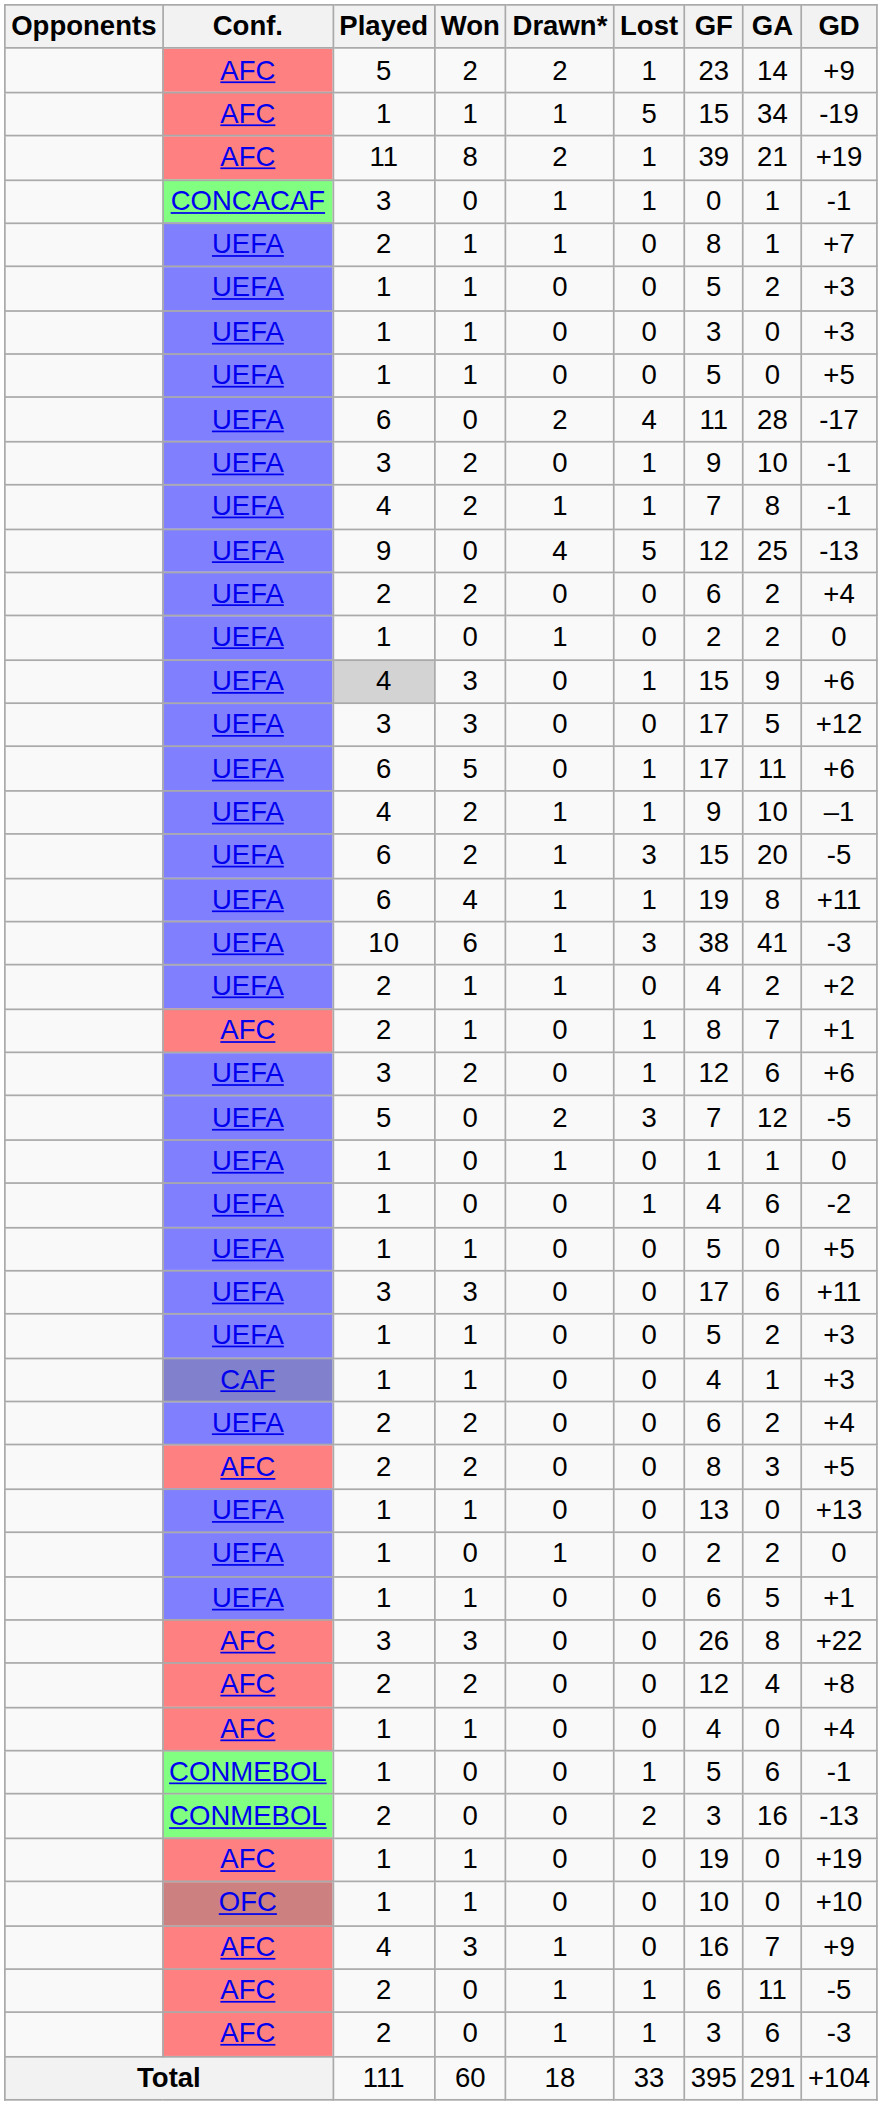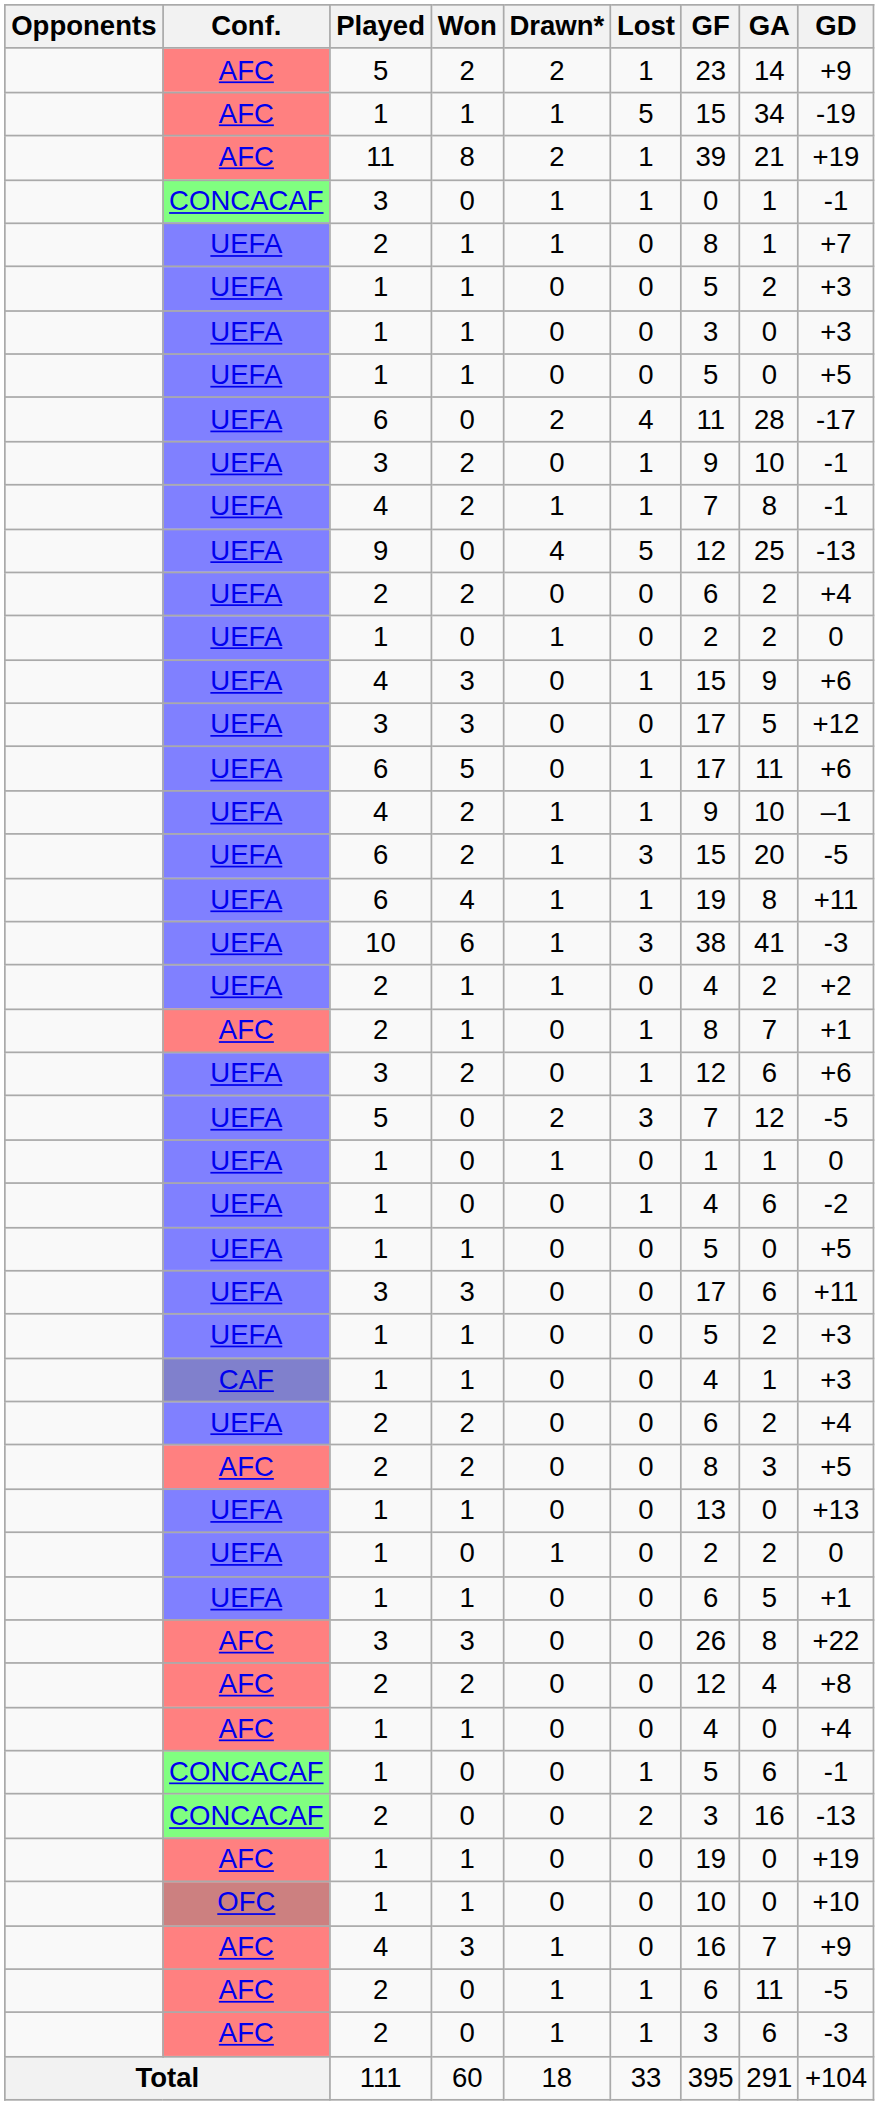 <table class="sortable wikitable" style="text-align:center">
 <tr>
 <th>Opponents</th>
 <th>Conf.</th>
 <th>Played</th>
 <th>Won</th>
 <th>Drawn*</th>
 <th>Lost</th>
 <th>GF</th>
 <th>GA</th>
 <th>GD</th>
 </tr>
 <tr>
 <td style="text-align:left;"></td>
 <td style="background:#FF8080;"><a href='#'>AFC</a></td>
 <td>5</td>
 <td>2</td>
 <td>2</td>
 <td>1</td>
 <td>23</td>
 <td>14</td>
 <td>+9</td>
 </tr>
 <tr>
 <td style="text-align:left;"></td>
 <td style="background:#FF8080;"><a href='#'>AFC</a></td>
 <td>1</td>
 <td>1</td>
 <td>1</td>
 <td>5</td>
 <td>15</td>
 <td>34</td>
 <td>-19</td>
 </tr>
 <tr>
 <td style="text-align:left;"></td>
 <td style="background:#FF8080;"><a href='#'>AFC</a></td>
 <td>11</td>
 <td>8</td>
 <td>2</td>
 <td>1</td>
 <td>39</td>
 <td>21</td>
 <td>+19</td>
 </tr>
 <tr>
 <td style="text-align:left;"></td>
 <td style="background:#80FF80;"><a href='#'>CONCACAF</a></td>
 <td>3</td>
 <td>0</td>
 <td>1</td>
 <td>1</td>
 <td>0</td>
 <td>1</td>
 <td>-1</td>
 </tr>
 <tr>
 <td style="text-align:left;"></td>
 <td style="background:#8080FF;"><a href='#'>UEFA</a></td>
 <td>2</td>
 <td>1</td>
 <td>1</td>
 <td>0</td>
 <td>8</td>
 <td>1</td>
 <td>+7</td>
 </tr>
 <tr>
 <td style="text-align:left;"></td>
 <td style="background:#8080FF;"><a href='#'>UEFA</a></td>
 <td>1</td>
 <td>1</td>
 <td>0</td>
 <td>0</td>
 <td>5</td>
 <td>2</td>
 <td>+3</td>
 </tr>
 <tr>
 <td style="text-align:left;"></td>
 <td style="background:#8080FF;"><a href='#'>UEFA</a></td>
 <td>1</td>
 <td>1</td>
 <td>0</td>
 <td>0</td>
 <td>3</td>
 <td>0</td>
 <td>+3</td>
 </tr>
 <tr>
 <td style="text-align:left;"></td>
 <td style="background:#8080FF;"><a href='#'>UEFA</a></td>
 <td>1</td>
 <td>1</td>
 <td>0</td>
 <td>0</td>
 <td>5</td>
 <td>0</td>
 <td>+5</td>
 </tr>
 <tr>
 <td style="text-align:left;"></td>
 <td style="background:#8080FF;"><a href='#'>UEFA</a></td>
 <td>6</td>
 <td>0</td>
 <td>2</td>
 <td>4</td>
 <td>11</td>
 <td>28</td>
 <td>-17</td>
 </tr>
 <tr>
 <td style="text-align:left;"></td>
 <td style="background:#8080FF;"><a href='#'>UEFA</a></td>
 <td>3</td>
 <td>2</td>
 <td>0</td>
 <td>1</td>
 <td>9</td>
 <td>10</td>
 <td>-1</td>
 </tr>
 <tr>
 <td style="text-align:left;"></td>
 <td style="background:#8080FF;"><a href='#'>UEFA</a></td>
 <td>4</td>
 <td>2</td>
 <td>1</td>
 <td>1</td>
 <td>7</td>
 <td>8</td>
 <td>-1</td>
 </tr>
 <tr>
 <td style="text-align:left;"></td>
 <td style="background:#8080FF;"><a href='#'>UEFA</a></td>
 <td>9</td>
 <td>0</td>
 <td>4</td>
 <td>5</td>
 <td>12</td>
 <td>25</td>
 <td>-13</td>
 </tr>
 <tr>
 <td style="text-align:left;"></td>
 <td style="background:#8080FF;"><a href='#'>UEFA</a></td>
 <td>2</td>
 <td>2</td>
 <td>0</td>
 <td>0</td>
 <td>6</td>
 <td>2</td>
 <td>+4</td>
 </tr>
 <tr>
 <td style="text-align:left;"></td>
 <td style="background:#8080FF;"><a href='#'>UEFA</a></td>
 <td>1</td>
 <td>0</td>
 <td>1</td>
 <td>0</td>
 <td>2</td>
 <td>2</td>
 <td>0</td>
 </tr>
 <tr>
 <td style="text-align:left;"></td>
 <td style="background:#8080FF;"><a href='#'>UEFA</a></td>
-<td style="background: lightgrey;">4</td>
+<td>4</td>
 <td>3</td>
 <td>0</td>
 <td>1</td>
 <td>15</td>
 <td>9</td>
 <td>+6</td>
 </tr>
 <tr>
 <td style="text-align:left;"></td>
 <td style="background:#8080FF;"><a href='#'>UEFA</a></td>
 <td>3</td>
 <td>3</td>
 <td>0</td>
 <td>0</td>
 <td>17</td>
 <td>5</td>
 <td>+12</td>
 </tr>
 <tr>
 <td style="text-align:left;"></td>
 <td style="background:#8080FF;"><a href='#'>UEFA</a></td>
 <td>6</td>
 <td>5</td>
 <td>0</td>
 <td>1</td>
 <td>17</td>
 <td>11</td>
 <td>+6</td>
 </tr>
 <tr>
 <td style="text-align:left;"></td>
 <td style="background:#8080FF;"><a href='#'>UEFA</a></td>
 <td>4</td>
 <td>2</td>
 <td>1</td>
 <td>1</td>
 <td>9</td>
 <td>10</td>
 <td>–1</td>
 </tr>
 <tr>
 <td style="text-align:left;"></td>
 <td style="background:#8080FF;"><a href='#'>UEFA</a></td>
 <td>6</td>
 <td>2</td>
 <td>1</td>
 <td>3</td>
 <td>15</td>
 <td>20</td>
 <td>-5</td>
 </tr>
 <tr>
 <td style="text-align:left;"></td>
 <td style="background:#8080FF;"><a href='#'>UEFA</a></td>
 <td>6</td>
 <td>4</td>
 <td>1</td>
 <td>1</td>
 <td>19</td>
 <td>8</td>
 <td>+11</td>
 </tr>
 <tr>
 <td style="text-align:left;"></td>
 <td style="background:#8080FF;"><a href='#'>UEFA</a></td>
 <td>10</td>
 <td>6</td>
 <td>1</td>
 <td>3</td>
 <td>38</td>
 <td>41</td>
 <td>-3</td>
 </tr>
 <tr>
 <td style="text-align:left;"></td>
 <td style="background:#8080FF;"><a href='#'>UEFA</a></td>
 <td>2</td>
 <td>1</td>
 <td>1</td>
 <td>0</td>
 <td>4</td>
 <td>2</td>
 <td>+2</td>
 </tr>
 <tr>
 <td style="text-align:left;"></td>
 <td style="background:#FF8080;"><a href='#'>AFC</a></td>
 <td>2</td>
 <td>1</td>
 <td>0</td>
 <td>1</td>
 <td>8</td>
 <td>7</td>
 <td>+1</td>
 </tr>
 <tr>
 <td style="text-align:left;"></td>
 <td style="background:#8080FF;"><a href='#'>UEFA</a></td>
 <td>3</td>
 <td>2</td>
 <td>0</td>
 <td>1</td>
 <td>12</td>
 <td>6</td>
 <td>+6</td>
 </tr>
 <tr>
 <td style="text-align:left;"></td>
 <td style="background:#8080FF;"><a href='#'>UEFA</a></td>
 <td>5</td>
 <td>0</td>
 <td>2</td>
 <td>3</td>
 <td>7</td>
 <td>12</td>
 <td>-5</td>
 </tr>
 <tr>
 <td style="text-align:left;"></td>
 <td style="background:#8080FF;"><a href='#'>UEFA</a></td>
 <td>1</td>
 <td>0</td>
 <td>1</td>
 <td>0</td>
 <td>1</td>
 <td>1</td>
 <td>0</td>
 </tr>
 <tr>
 <td style="text-align:left;"></td>
 <td style="background:#8080FF;"><a href='#'>UEFA</a></td>
 <td>1</td>
 <td>0</td>
 <td>0</td>
 <td>1</td>
 <td>4</td>
 <td>6</td>
 <td>-2</td>
 </tr>
 <tr>
 <td style="text-align:left;"></td>
 <td style="background:#8080FF;"><a href='#'>UEFA</a></td>
 <td>1</td>
 <td>1</td>
 <td>0</td>
 <td>0</td>
 <td>5</td>
 <td>0</td>
 <td>+5</td>
 </tr>
 <tr>
 <td style="text-align:left;"></td>
 <td style="background:#8080FF;"><a href='#'>UEFA</a></td>
 <td>3</td>
 <td>3</td>
 <td>0</td>
 <td>0</td>
 <td>17</td>
 <td>6</td>
 <td>+11</td>
 </tr>
 <tr>
 <td style="text-align:left;"></td>
 <td style="background:#8080FF;"><a href='#'>UEFA</a></td>
 <td>1</td>
 <td>1</td>
 <td>0</td>
 <td>0</td>
 <td>5</td>
 <td>2</td>
 <td>+3</td>
 </tr>
 <tr>
 <td style="text-align:left;"></td>
 <td style="background:#8080CC;"><a href='#'>CAF</a></td>
 <td>1</td>
 <td>1</td>
 <td>0</td>
 <td>0</td>
 <td>4</td>
 <td>1</td>
 <td>+3</td>
 </tr>
 <tr>
 <td style="text-align:left;"></td>
 <td style="background:#8080FF;"><a href='#'>UEFA</a></td>
 <td>2</td>
 <td>2</td>
 <td>0</td>
 <td>0</td>
 <td>6</td>
 <td>2</td>
 <td>+4</td>
 </tr>
 <tr>
 <td style="text-align:left;"></td>
 <td style="background:#FF8080;"><a href='#'>AFC</a></td>
 <td>2</td>
 <td>2</td>
 <td>0</td>
 <td>0</td>
 <td>8</td>
 <td>3</td>
 <td>+5</td>
 </tr>
 <tr>
 <td style="text-align:left;"></td>
 <td style="background:#8080FF;"><a href='#'>UEFA</a></td>
 <td>1</td>
 <td>1</td>
 <td>0</td>
 <td>0</td>
 <td>13</td>
 <td>0</td>
 <td>+13</td>
 </tr>
 <tr>
 <td style="text-align:left;"></td>
 <td style="background:#8080FF;"><a href='#'>UEFA</a></td>
 <td>1</td>
 <td>0</td>
 <td>1</td>
 <td>0</td>
 <td>2</td>
 <td>2</td>
 <td>0</td>
 </tr>
 <tr>
 <td style="text-align:left;"></td>
 <td style="background:#8080FF;"><a href='#'>UEFA</a></td>
 <td>1</td>
 <td>1</td>
 <td>0</td>
 <td>0</td>
 <td>6</td>
 <td>5</td>
 <td>+1</td>
 </tr>
 <tr>
 <td style="text-align:left;"></td>
 <td style="background:#FF8080;"><a href='#'>AFC</a></td>
 <td>3</td>
 <td>3</td>
 <td>0</td>
 <td>0</td>
 <td>26</td>
 <td>8</td>
 <td>+22</td>
 </tr>
 <tr>
 <td style="text-align:left;"></td>
 <td style="background:#FF8080;"><a href='#'>AFC</a></td>
 <td>2</td>
 <td>2</td>
 <td>0</td>
 <td>0</td>
 <td>12</td>
 <td>4</td>
 <td>+8</td>
 </tr>
 <tr>
 <td style="text-align:left;"></td>
 <td style="background:#FF8080;"><a href='#'>AFC</a></td>
 <td>1</td>
 <td>1</td>
 <td>0</td>
 <td>0</td>
 <td>4</td>
 <td>0</td>
 <td>+4</td>
 </tr>
 <tr>
 <td style="text-align:left;"></td>
-<td style="background:#80FF80;"><a href='#'>CONMEBOL</a></td>
+<td style="background:#80FF80;"><a href='#'>CONCACAF</a></td>
 <td>1</td>
 <td>0</td>
 <td>0</td>
 <td>1</td>
 <td>5</td>
 <td>6</td>
 <td>-1</td>
 </tr>
 <tr>
 <td style="text-align:left;"></td>
-<td style="background:#80FF80;"><a href='#'>CONMEBOL</a></td>
+<td style="background:#80FF80;"><a href='#'>CONCACAF</a></td>
 <td>2</td>
 <td>0</td>
 <td>0</td>
 <td>2</td>
 <td>3</td>
 <td>16</td>
 <td>-13</td>
 </tr>
 <tr>
 <td style="text-align:left;"></td>
 <td style="background:#FF8080;"><a href='#'>AFC</a></td>
 <td>1</td>
 <td>1</td>
 <td>0</td>
 <td>0</td>
 <td>19</td>
 <td>0</td>
 <td>+19</td>
 </tr>
 <tr>
 <td style="text-align:left;"></td>
 <td style="background:#CC8080;"><a href='#'>OFC</a></td>
 <td>1</td>
 <td>1</td>
 <td>0</td>
 <td>0</td>
 <td>10</td>
 <td>0</td>
 <td>+10</td>
 </tr>
 <tr>
 <td style="text-align:left;"></td>
 <td style="background:#FF8080;"><a href='#'>AFC</a></td>
 <td>4</td>
 <td>3</td>
 <td>1</td>
 <td>0</td>
 <td>16</td>
 <td>7</td>
 <td>+9</td>
 </tr>
 <tr>
 <td style="text-align:left;"></td>
 <td style="background:#FF8080;"><a href='#'>AFC</a></td>
 <td>2</td>
 <td>0</td>
 <td>1</td>
 <td>1</td>
 <td>6</td>
 <td>11</td>
 <td>-5</td>
 </tr>
 <tr>
 <td style="text-align:left;"></td>
 <td style="background:#FF8080;"><a href='#'>AFC</a></td>
 <td>2</td>
 <td>0</td>
 <td>1</td>
 <td>1</td>
 <td>3</td>
 <td>6</td>
 <td>-3</td>
 </tr>
 <tr class="sortbottom">
 <th colspan=2>Total</th>
 <td>111</td>
 <td>60</td>
 <td>18</td>
 <td>33</td>
 <td>395</td>
 <td>291</td>
 <td>+104</td>
 </tr>
 </table>
